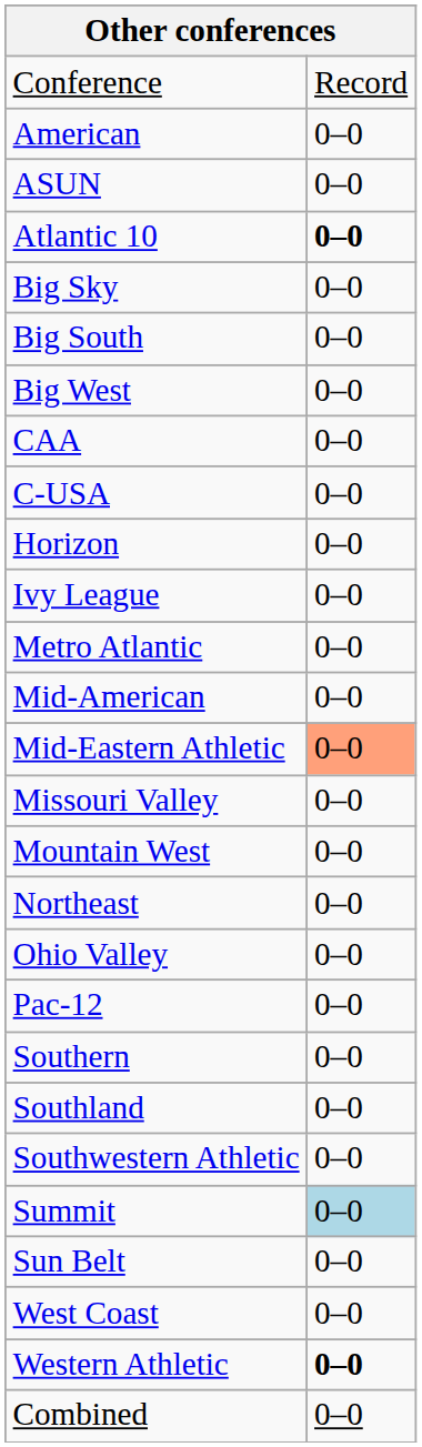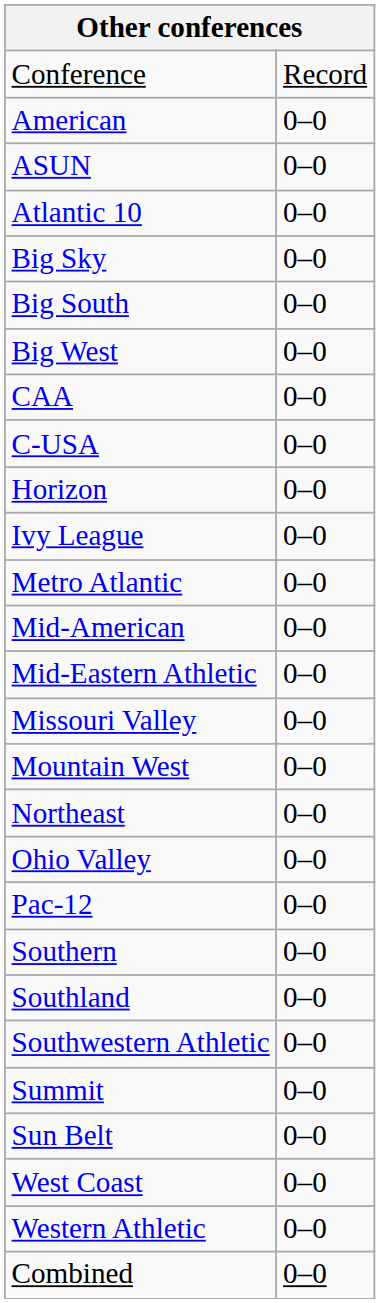 <table class="wikitable">
 <tr>
 <th colspan="2">Other conferences</th>
 </tr>
 <tr>
 <td><u>Conference</u></td>
 <td><u>Record</u></td>
 </tr>
 <tr>
 <td><a href='#'>American</a></td>
 <td>0–0</td>
 </tr>
 <tr>
 <td><a href='#'>ASUN</a></td>
 <td>0–0</td>
 </tr>
 <tr>
 <td><a href='#'>Atlantic 10</a></td>
-<td><strong>0–0</strong></td>
+<td>0–0</td>
 </tr>
 <tr>
 <td><a href='#'>Big Sky</a></td>
 <td>0–0</td>
 </tr>
 <tr>
 <td><a href='#'>Big South</a></td>
 <td>0–0</td>
 </tr>
 <tr>
 <td><a href='#'>Big West</a></td>
 <td>0–0</td>
 </tr>
 <tr>
 <td><a href='#'>CAA</a></td>
 <td>0–0</td>
 </tr>
 <tr>
 <td><a href='#'>C-USA</a></td>
 <td>0–0</td>
 </tr>
 <tr>
 <td><a href='#'>Horizon</a></td>
 <td>0–0</td>
 </tr>
 <tr>
 <td><a href='#'>Ivy League</a></td>
 <td>0–0</td>
 </tr>
 <tr>
 <td><a href='#'>Metro Atlantic</a></td>
 <td>0–0</td>
 </tr>
 <tr>
 <td><a href='#'>Mid-American</a></td>
 <td>0–0</td>
 </tr>
 <tr>
 <td><a href='#'>Mid-Eastern Athletic</a></td>
-<td style="background: lightsalmon;">0–0</td>
+<td>0–0</td>
 </tr>
 <tr>
 <td><a href='#'>Missouri Valley</a></td>
 <td>0–0</td>
 </tr>
 <tr>
 <td><a href='#'>Mountain West</a></td>
 <td>0–0</td>
 </tr>
 <tr>
 <td><a href='#'>Northeast</a></td>
 <td>0–0</td>
 </tr>
 <tr>
 <td><a href='#'>Ohio Valley</a></td>
 <td>0–0</td>
 </tr>
 <tr>
 <td><a href='#'>Pac-12</a></td>
 <td>0–0</td>
 </tr>
 <tr>
 <td><a href='#'>Southern</a></td>
 <td>0–0</td>
 </tr>
 <tr>
 <td><a href='#'>Southland</a></td>
 <td>0–0</td>
 </tr>
 <tr>
 <td><a href='#'>Southwestern Athletic</a></td>
 <td>0–0</td>
 </tr>
 <tr>
 <td><a href='#'>Summit</a></td>
-<td style="background: lightblue;">0–0</td>
+<td>0–0</td>
 </tr>
 <tr>
 <td><a href='#'>Sun Belt</a></td>
 <td>0–0</td>
 </tr>
 <tr>
 <td><a href='#'>West Coast</a></td>
 <td>0–0</td>
 </tr>
 <tr>
 <td><a href='#'>Western Athletic</a></td>
-<td><strong>0–0</strong></td>
+<td>0–0</td>
 </tr>
 <tr>
 <td><u>Combined</u></td>
 <td><u>0–0</u></td>
 </tr>
 </table>
